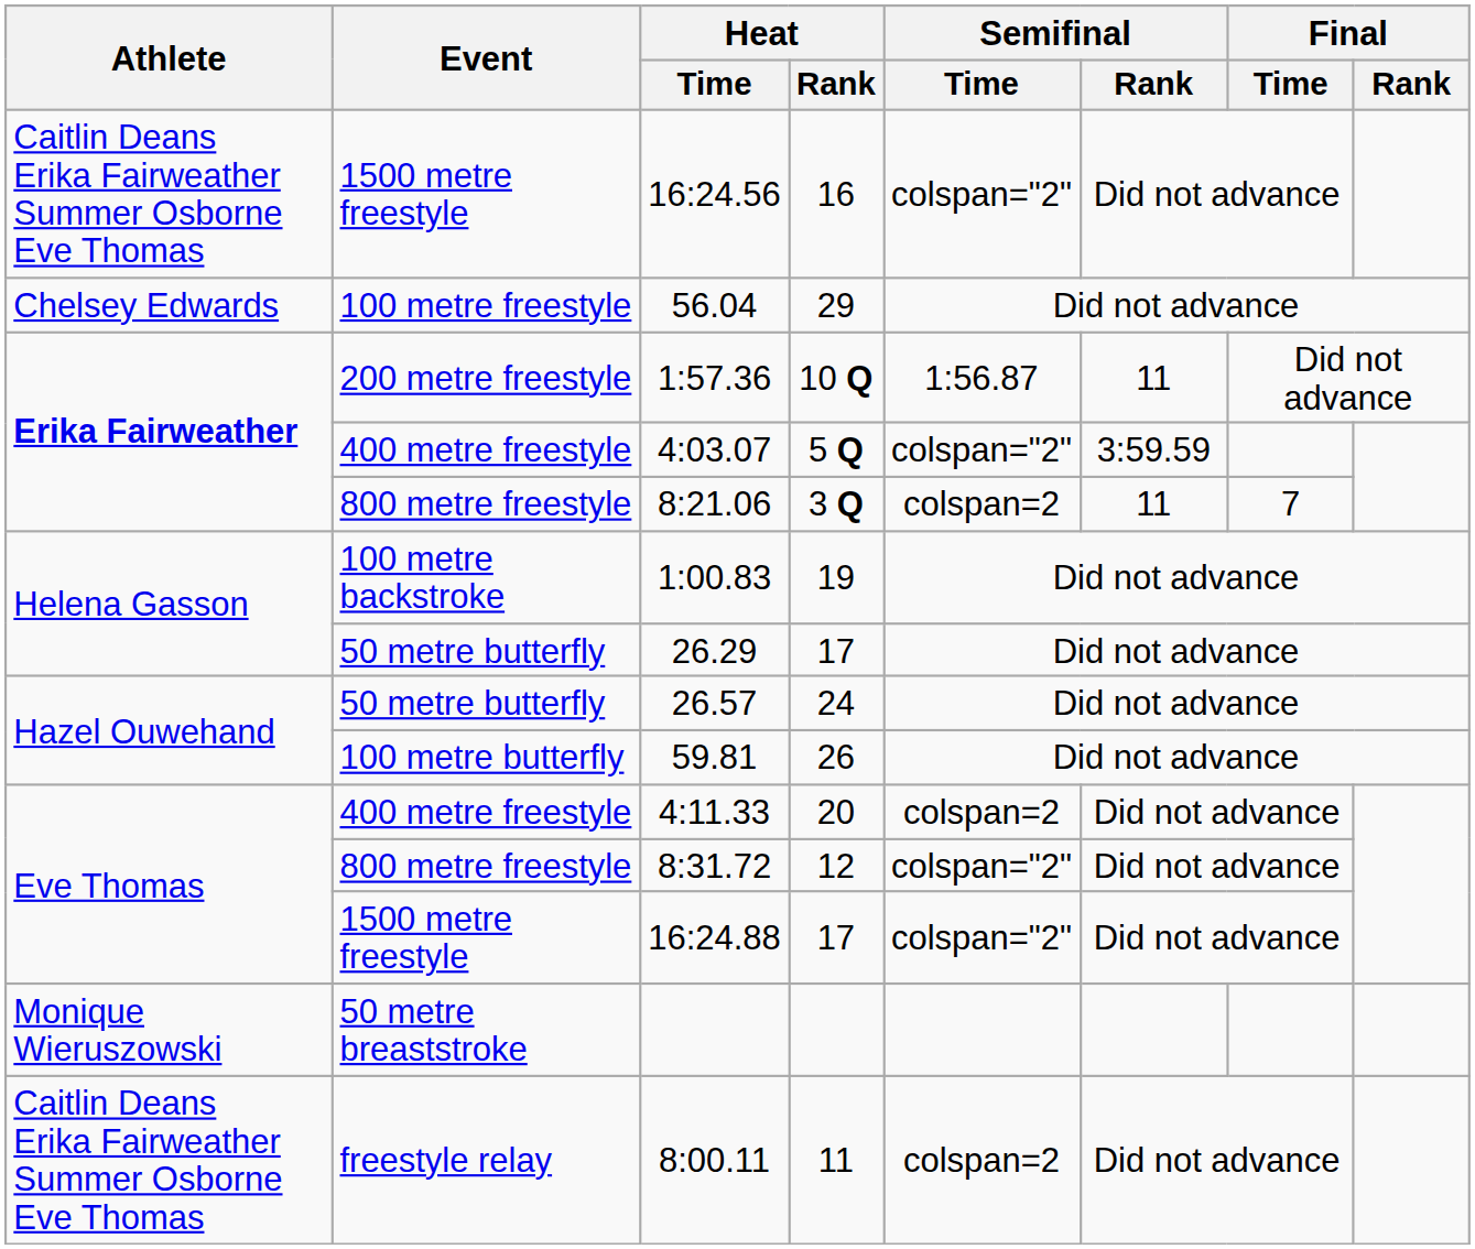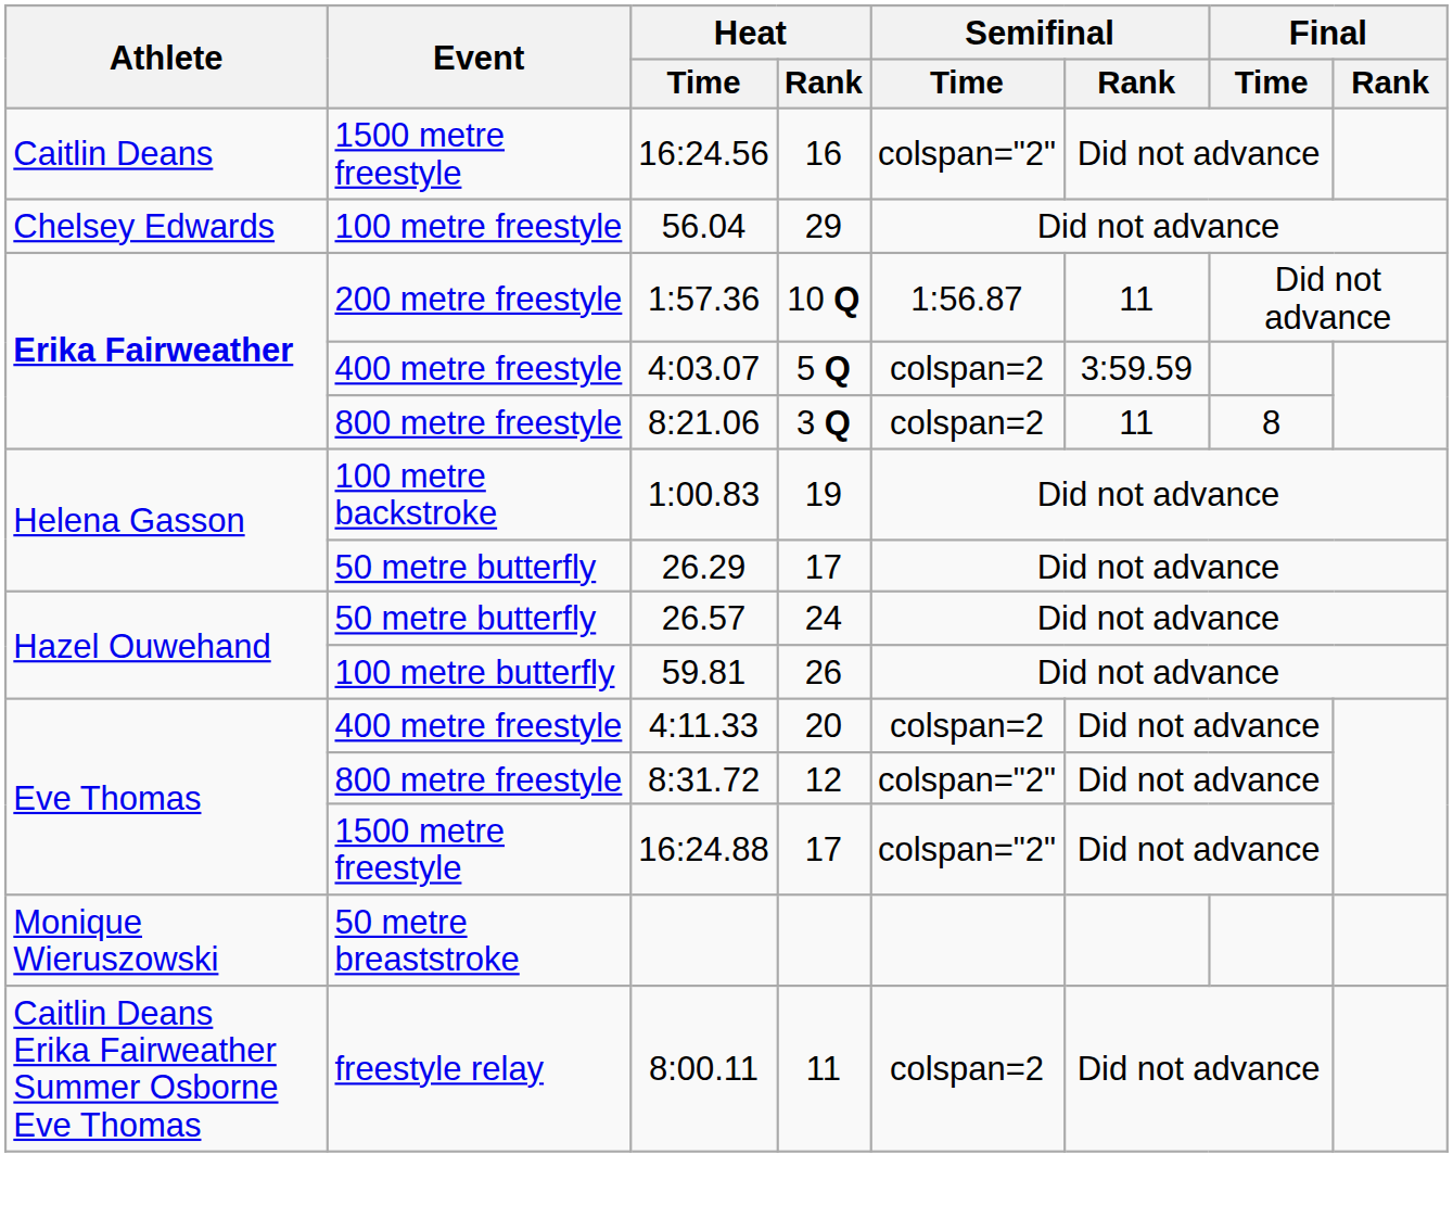 <table class="wikitable" style="text-align:center; font-size:90%; width:70%;">
 <tr>
 <th rowspan="2">Athlete</th>
 <th rowspan="2">Event</th>
 <th colspan="2">Heat</th>
 <th colspan="2">Semifinal</th>
 <th colspan="2">Final</th>
 </tr>
 <tr style="font-size:95%">
 <th>Time</th>
 <th>Rank</th>
 <th>Time</th>
 <th>Rank</th>
 <th>Time</th>
 <th>Rank</th>
 </tr>
 <tr>
-<td align=left><a href='#'>Caitlin Deans</a> <br> <a href='#'>Erika Fairweather</a> <br> <a href='#'>Summer Osborne</a> <br> <a href='#'>Eve Thomas</a></td>
+<td align=left><a href='#'>Caitlin Deans</a></td>
 <td align=left><a href='#'>1500 metre freestyle</a></td>
 <td>16:24.56</td>
 <td>16</td>
 <td>colspan="2" </td>
 <td colspan="2">Did not advance</td>
 </tr>
 <tr>
 <td align=left><a href='#'>Chelsey Edwards</a></td>
 <td align=left><a href='#'>100 metre freestyle</a></td>
 <td>56.04</td>
 <td>29</td>
 <td colspan="4">Did not advance</td>
 </tr>
 <tr>
 <td align=left rowspan=3><strong><a href='#'>Erika Fairweather</a></strong></td>
 <td align=left><a href='#'>200 metre freestyle</a></td>
 <td>1:57.36</td>
 <td>10 <strong>Q</strong></td>
 <td>1:56.87</td>
 <td>11</td>
 <td colspan="2">Did not advance</td>
 </tr>
 <tr>
 <td align=left><a href='#'>400 metre freestyle</a></td>
 <td>4:03.07</td>
 <td>5 <strong>Q</strong></td>
-<td>colspan="2" </td>
+<td>colspan=2 </td>
 <td>3:59.59</td>
 <td></td>
 </tr>
 <tr>
 <td align=left><a href='#'>800 metre freestyle</a></td>
 <td>8:21.06</td>
 <td>3 <strong>Q</strong></td>
 <td>colspan=2 </td>
 <td>11</td>
-<td>7</td>
+<td>8</td>
 </tr>
 <tr>
 <td align=left rowspan=2><a href='#'>Helena Gasson</a></td>
 <td align=left><a href='#'>100 metre backstroke</a></td>
 <td>1:00.83</td>
 <td>19</td>
 <td colspan=4>Did not advance</td>
 </tr>
 <tr>
 <td align=left><a href='#'>50 metre butterfly</a></td>
 <td>26.29</td>
 <td>17</td>
 <td colspan=4>Did not advance</td>
 </tr>
 <tr>
 <td align=left rowspan=2><a href='#'>Hazel Ouwehand</a></td>
 <td align=left><a href='#'>50 metre butterfly</a></td>
 <td>26.57</td>
 <td>24</td>
 <td colspan=4>Did not advance</td>
 </tr>
 <tr>
 <td align=left><a href='#'>100 metre butterfly</a></td>
 <td>59.81</td>
 <td>26</td>
 <td colspan=4>Did not advance</td>
 </tr>
 <tr>
 <td align=left rowspan=3><a href='#'>Eve Thomas</a></td>
 <td align=left><a href='#'>400 metre freestyle</a></td>
 <td>4:11.33</td>
 <td>20</td>
 <td>colspan=2 </td>
 <td colspan="2">Did not advance</td>
 </tr>
 <tr>
 <td align=left><a href='#'>800 metre freestyle</a></td>
 <td>8:31.72</td>
 <td>12</td>
 <td>colspan="2" </td>
 <td colspan="2">Did not advance</td>
 </tr>
 <tr>
 <td align=left><a href='#'>1500 metre freestyle</a></td>
 <td>16:24.88</td>
 <td>17</td>
 <td>colspan="2" </td>
 <td colspan="2">Did not advance</td>
 </tr>
 <tr>
 <td align=left><a href='#'>Monique Wieruszowski</a></td>
 <td align=left><a href='#'>50 metre breaststroke</a></td>
 <td></td>
 <td></td>
 <td></td>
 <td></td>
 <td></td>
 <td></td>
 </tr>
 <tr>
 <td align=left><a href='#'>Caitlin Deans</a> <br> <a href='#'>Erika Fairweather</a> <br> <a href='#'>Summer Osborne</a> <br> <a href='#'>Eve Thomas</a></td>
 <td align=left><a href='#'> freestyle relay</a></td>
 <td>8:00.11</td>
 <td>11</td>
 <td>colspan=2 </td>
 <td colspan=2>Did not advance</td>
 </tr>
 </table>
